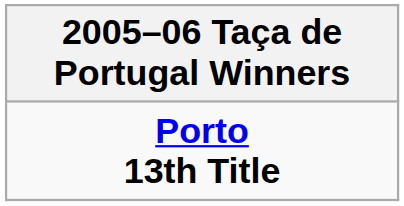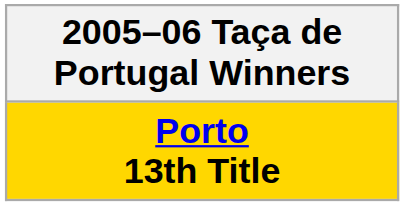 <table class="wikitable" style="text-align: center; margin: 0 auto; width: 20%">
 <tr>
 <th>2005–06 Taça de Portugal Winners</th>
 </tr>
 <tr>
-<td><strong><a href='#'>Porto</a></strong><br><strong>13th Title</strong></td>
+<td style="background: gold;"><strong><a href='#'>Porto</a></strong><br><strong>13th Title</strong></td>
 </tr>
 </table>
